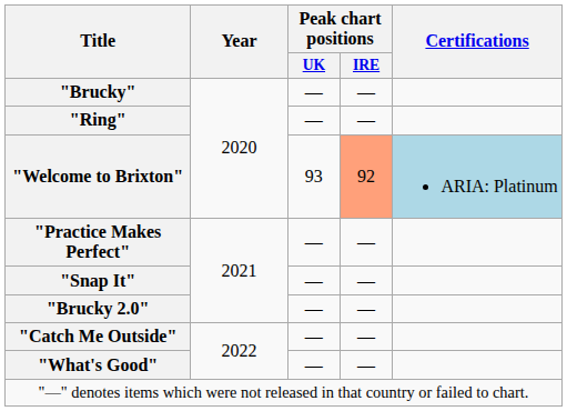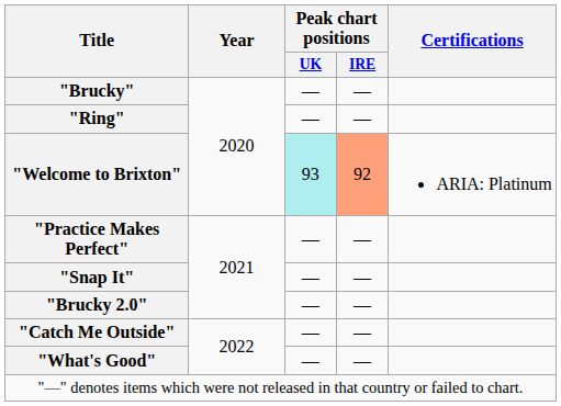 <table class="wikitable plainrowheaders" style="text-align:center;">
 <tr>
 <th scope="col" rowspan="2" style="width:10em;">Title</th>
 <th scope="col" rowspan="2" style="width:5em;">Year</th>
 <th scope="col" colspan="2">Peak chart positions</th>
 <th scope="col" rowspan="2"><a href='#'>Certifications</a></th>
 </tr>
 <tr>
 <th scope="col" style="width:3em;font-size:85%;"><a href='#'>UK</a><br></th>
 <th scope="col" style="width:3em;font-size:85%;"><a href='#'>IRE</a><br></th>
 </tr>
 <tr>
 <th scope="row">"Brucky"</th>
 <td rowspan = "3">2020</td>
 <td>—</td>
 <td>—</td>
 <td></td>
 </tr>
 <tr>
 <th scope="row">"Ring"</th>
 <td>—</td>
 <td>—</td>
 <td></td>
 </tr>
 <tr>
 <th scope="row">"Welcome to Brixton"</th>
-<td>93</td>
+<td style="background: paleturquoise;">93</td>
 <td style="background: lightsalmon;">92</td>
-<td style="background: lightblue;"><br><ul><li>ARIA: Platinum</li></ul></td>
+<td><br><ul><li>ARIA: Platinum</li></ul></td>
 </tr>
 <tr>
 <th scope="row">"Practice Makes Perfect"</th>
 <td rowspan = "3">2021</td>
 <td>—</td>
 <td>—</td>
 <td></td>
 </tr>
 <tr>
 <th scope="row">"Snap It"</th>
 <td>—</td>
 <td>—</td>
 <td></td>
 </tr>
 <tr>
 <th scope="row">"Brucky 2.0"</th>
 <td>—</td>
 <td>—</td>
 <td></td>
 </tr>
 <tr>
 <th scope="row">"Catch Me Outside"<br></th>
 <td rowspan = "2">2022</td>
 <td>—</td>
 <td>—</td>
 <td></td>
 </tr>
 <tr>
 <th scope="row">"What's Good"<br></th>
 <td>—</td>
 <td>—</td>
 <td></td>
 </tr>
 <tr>
 <td colspan="5" style="font-size:90%;">"—" denotes items which were not released in that country or failed to chart.</td>
 </tr>
 </table>
